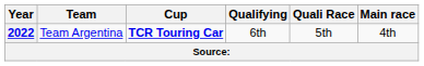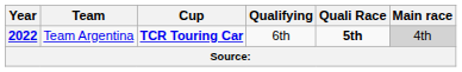 <table class="wikitable" style="text-align:center; font-size:90%">
 <tr>
 <th>Year</th>
 <th>Team</th>
 <th>Cup</th>
 <th>Qualifying</th>
 <th>Quali Race</th>
 <th>Main race</th>
 </tr>
 <tr>
 <th><a href='#'>2022</a></th>
 <td align="left"> <a href='#'>Team Argentina</a></td>
 <td><a href='#'><strong><span>TCR Touring Car</span></strong></a></td>
 <td>6th</td>
-<td>5th</td>
-<td>4th</td>
+<td><strong>5th</strong></td>
+<td style="background: lightgrey;">4th</td>
 </tr>
 <tr>
 <th colspan="6"><small>Source:</small></th>
 </tr>
 </table>
